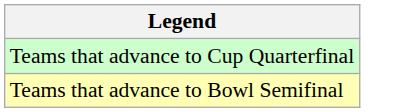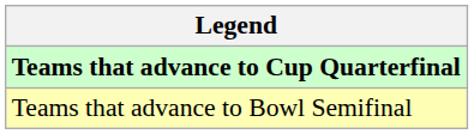 <table class="wikitable" style="text-align: center;">
 <tr>
 <th colspan=2>Legend</th>
 </tr>
 <tr bgcolor=ccffcc>
-<td align=left>Teams that advance to Cup Quarterfinal</td>
+<td align=left><strong>Teams that advance to Cup Quarterfinal</strong></td>
 </tr>
 <tr bgcolor=feffb4>
 <td align=left>Teams that advance to Bowl Semifinal</td>
 </tr>
 </table>
